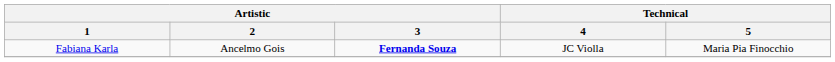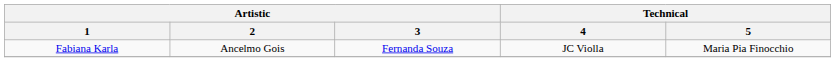 <table class="wikitable" style="font-size:90%; line-height:16px; text-align:center" width="85%">
 <tr>
 <th colspan=3>Artistic</th>
 <th colspan=2>Technical</th>
 </tr>
 <tr>
 <th>1</th>
 <th>2</th>
 <th>3</th>
 <th>4</th>
 <th>5</th>
 </tr>
 <tr>
 <td width=150><a href='#'>Fabiana Karla</a></td>
 <td width=150>Ancelmo Gois</td>
-<td width=150><strong><a href='#'>Fernanda Souza</a></strong></td>
+<td width=150><a href='#'>Fernanda Souza</a></td>
 <td width=150>JC Violla</td>
 <td width=150>Maria Pia Finocchio</td>
 </tr>
 <tr>
 </tr>
 </table>
